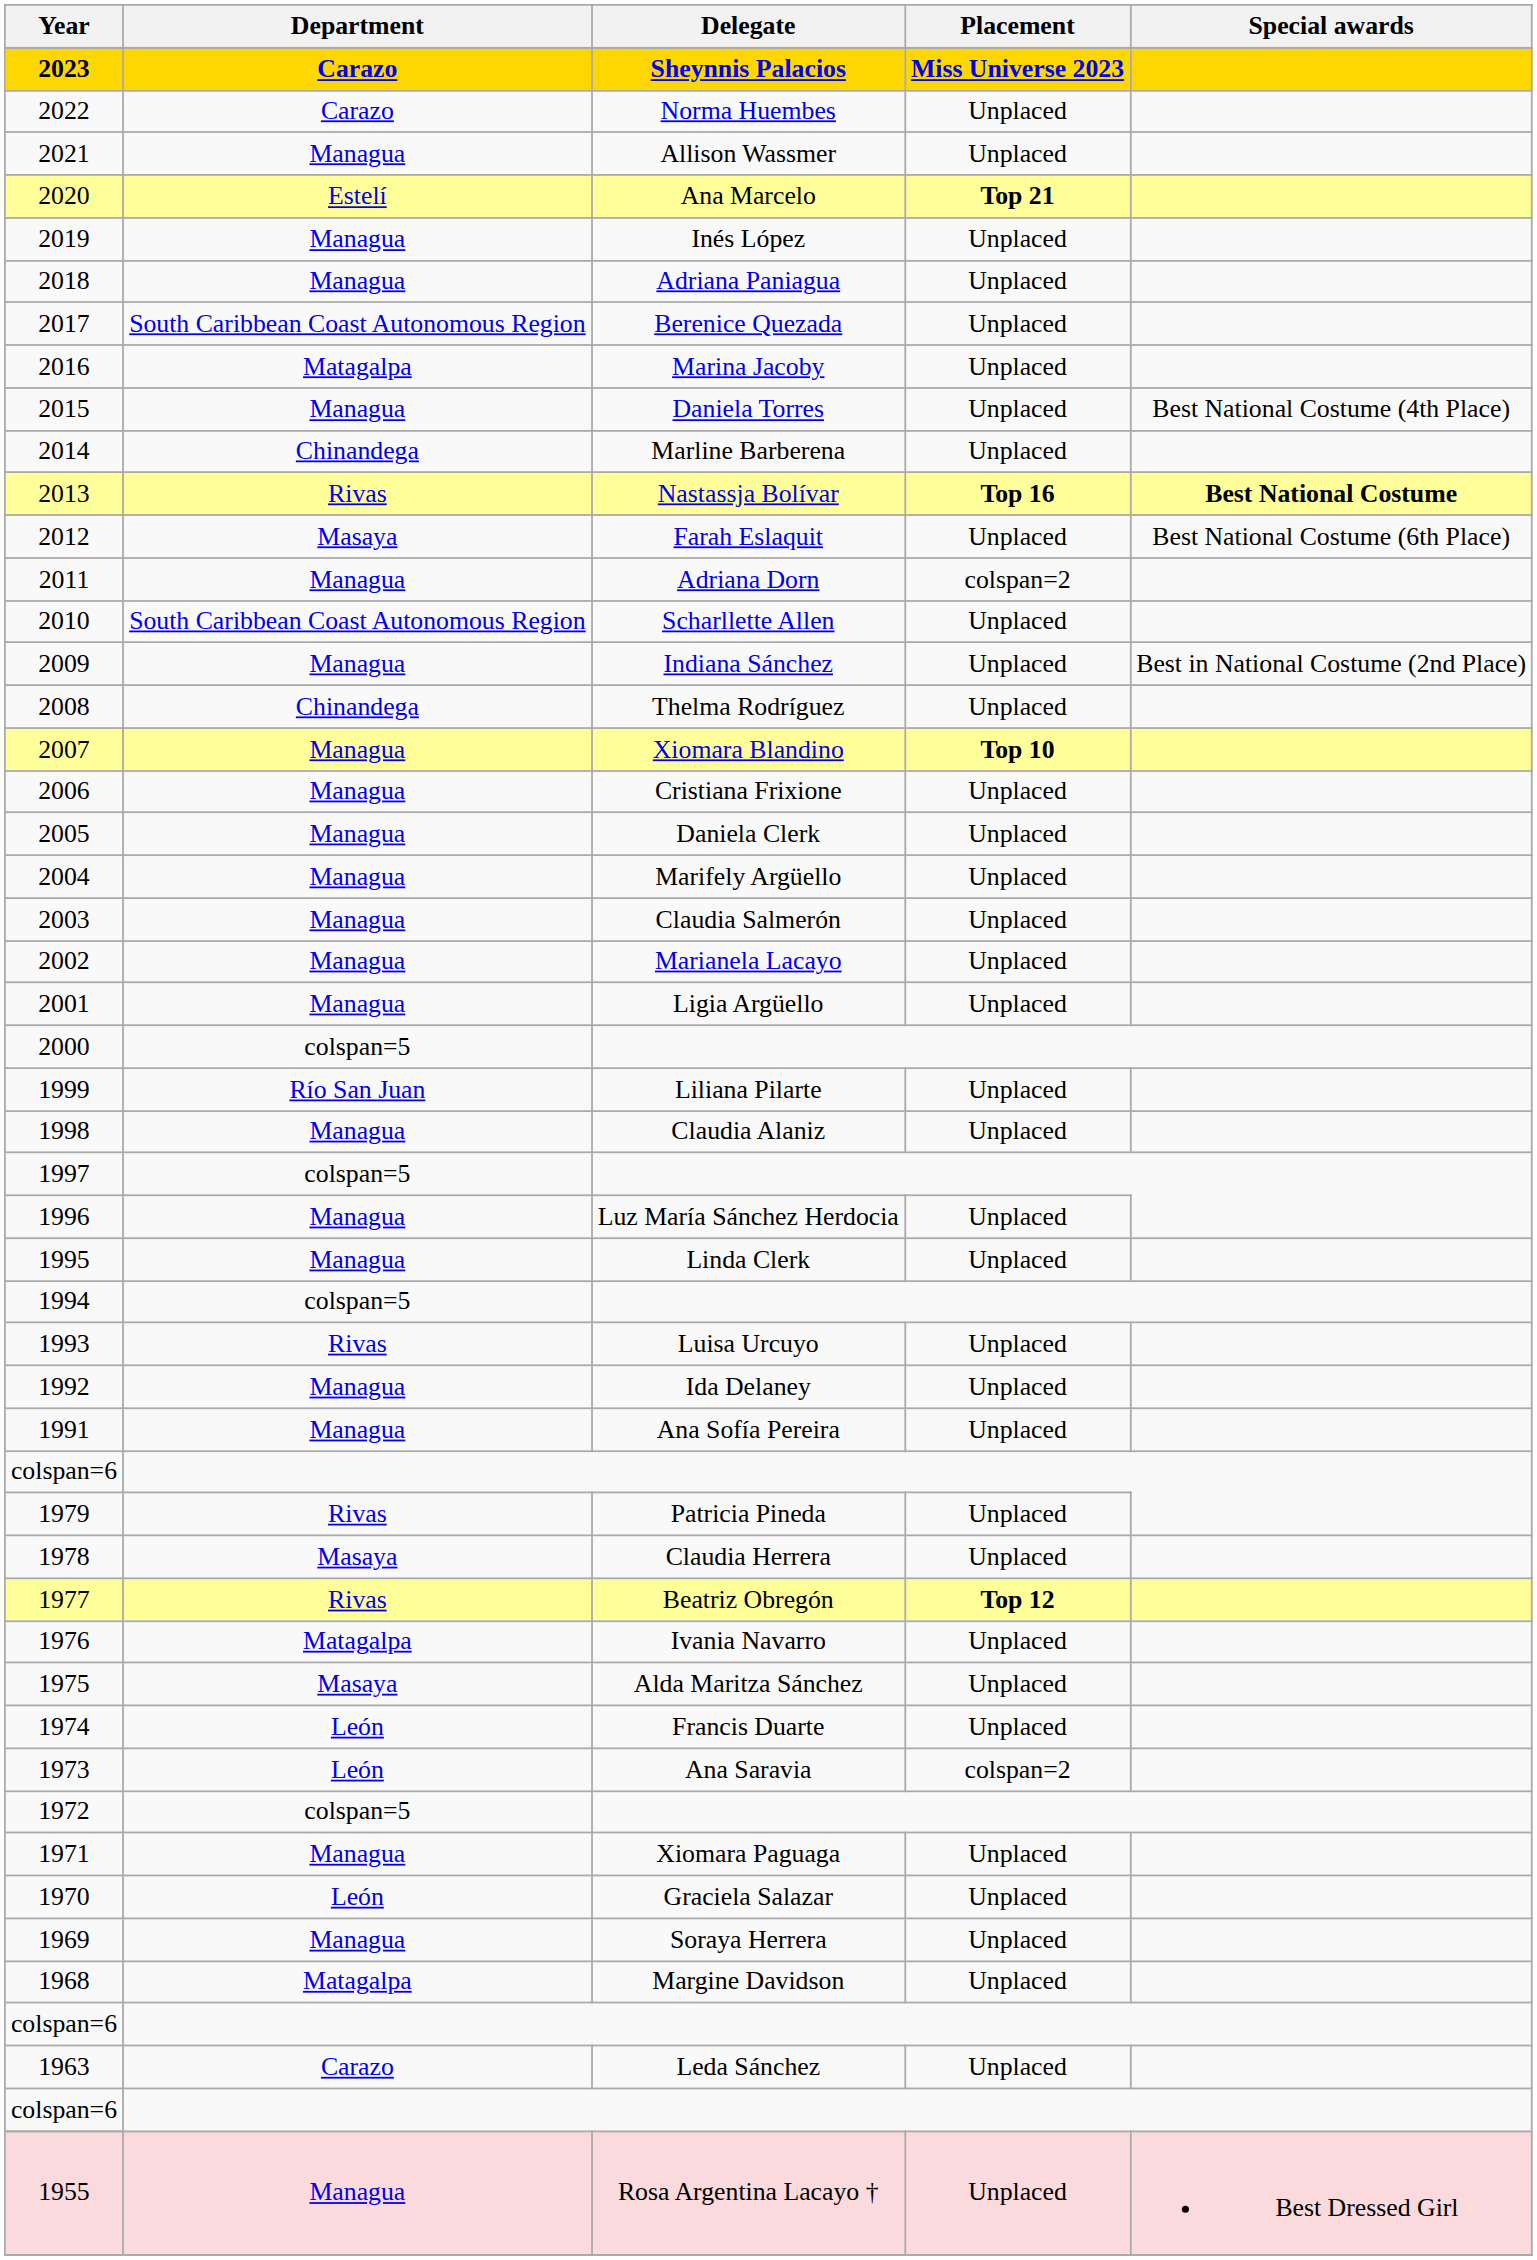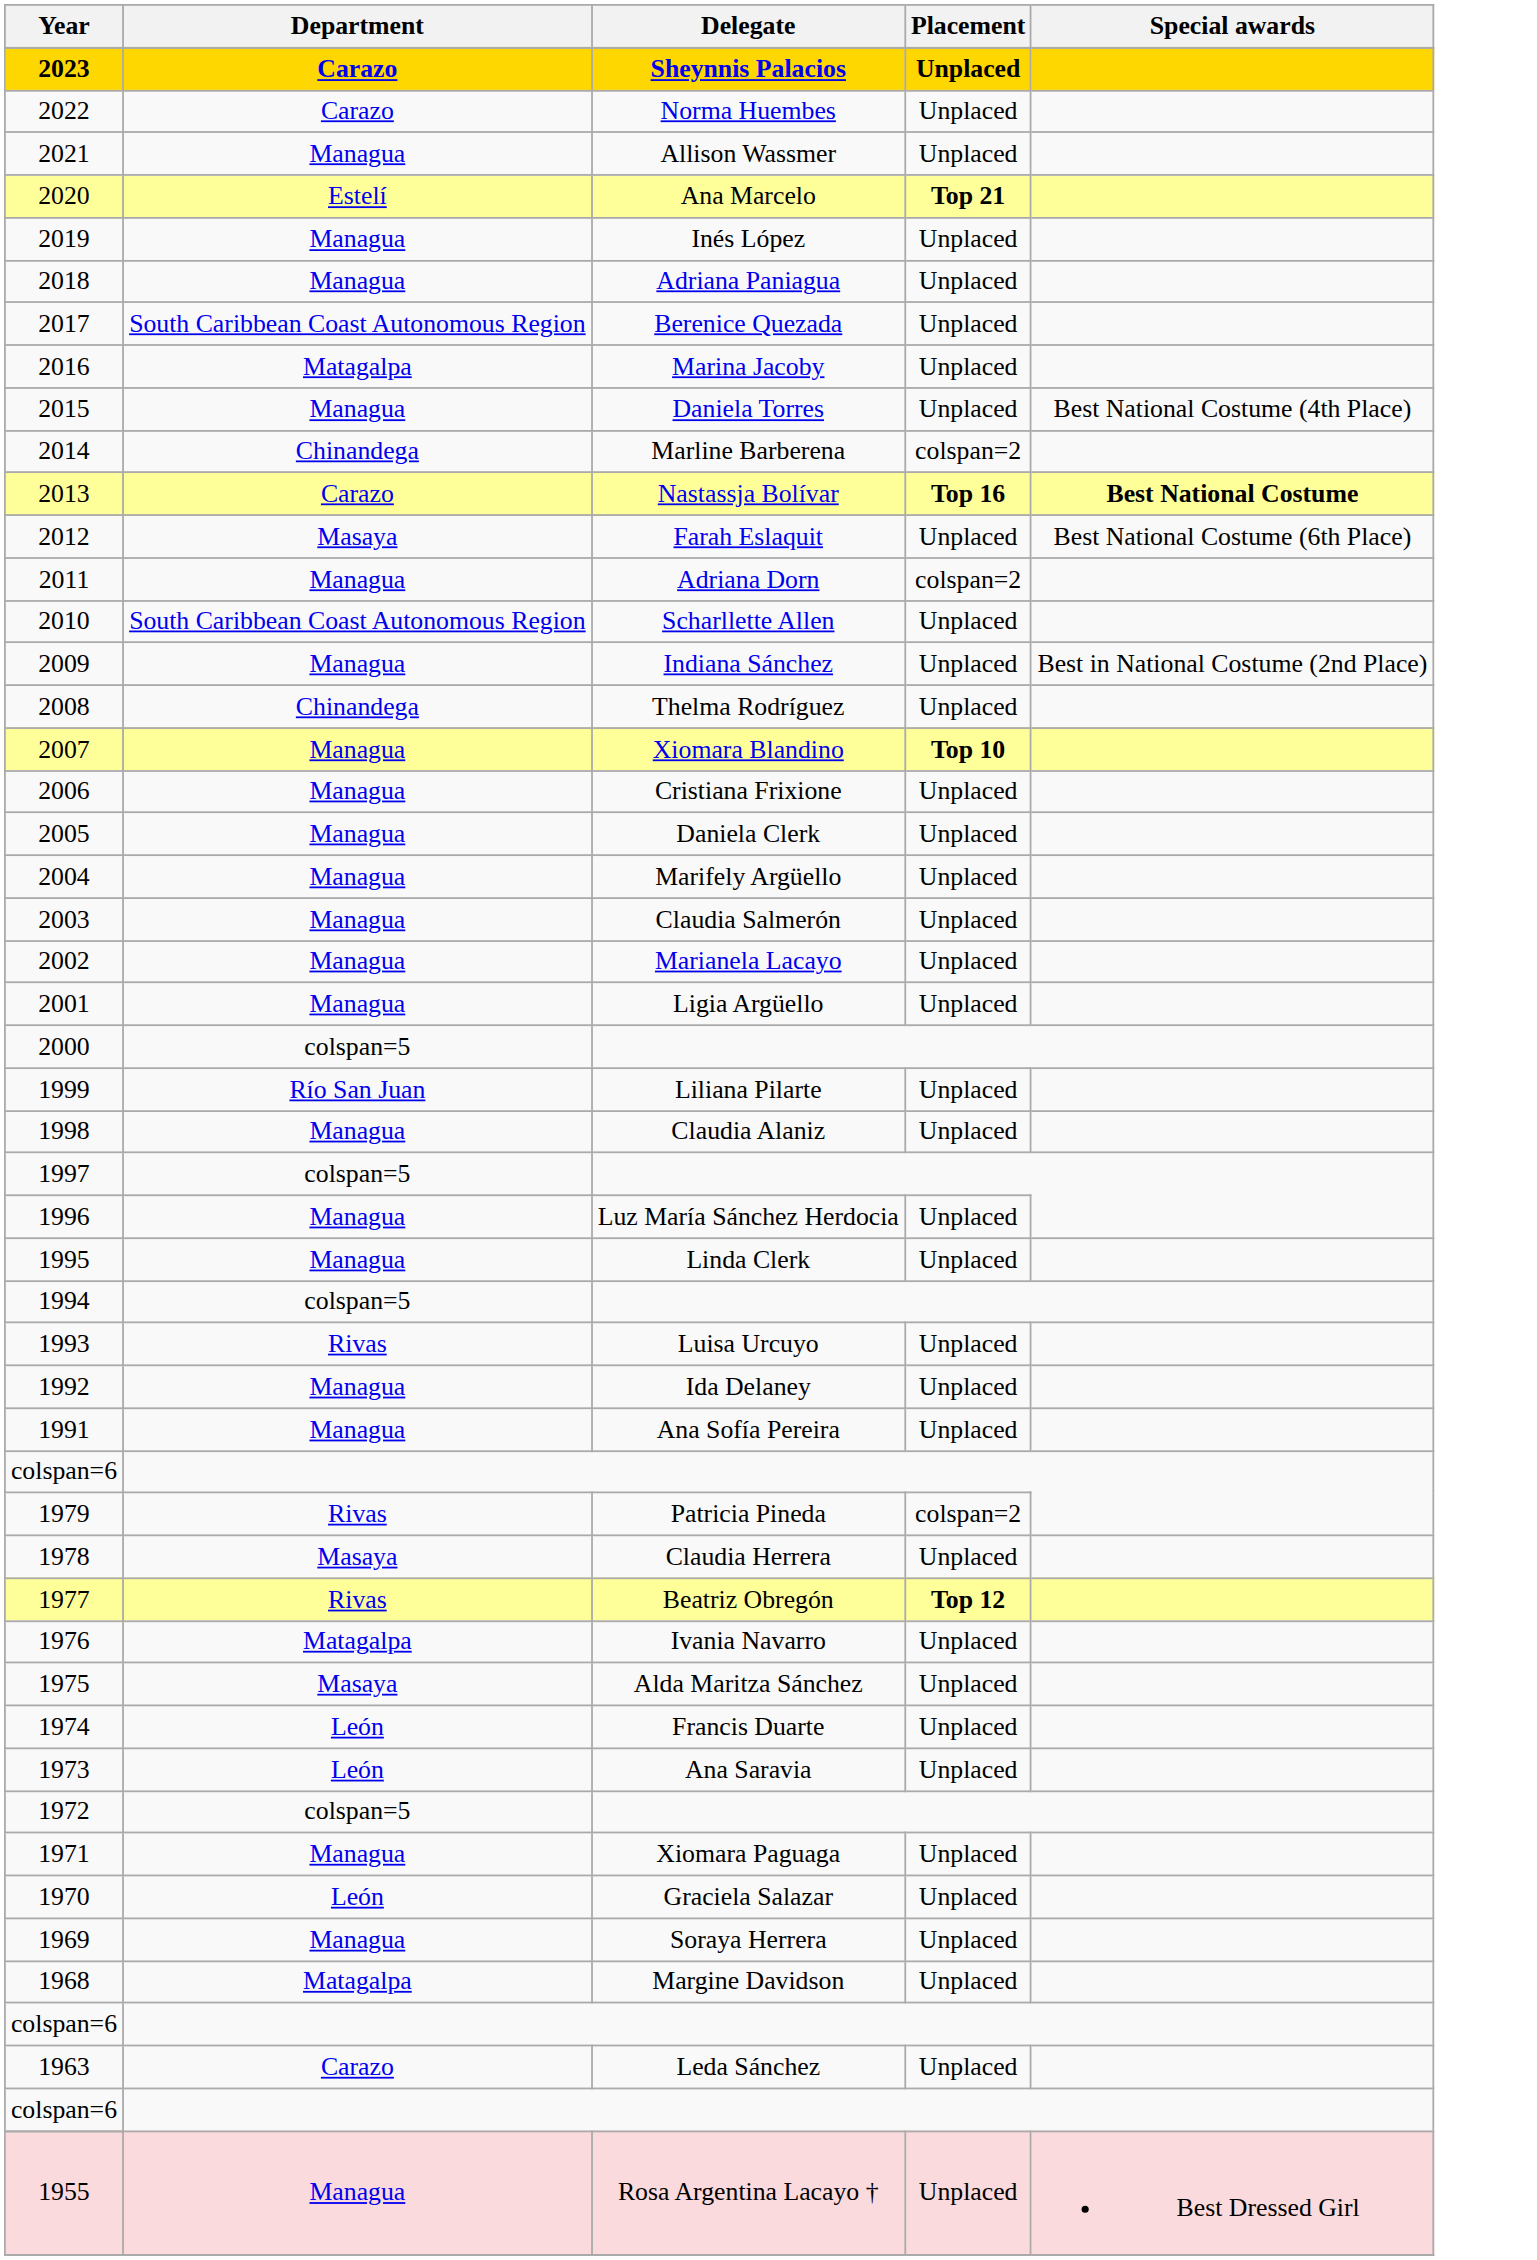 <table class="wikitable " style="font-size: 90%; text-align:center;">
 <tr>
 <th>Year</th>
 <th>Department</th>
 <th>Delegate</th>
 <th>Placement</th>
 <th>Special awards</th>
 </tr>
 <tr>
 </tr>
 <tr style="background-color:GOLD; font-weight: bold">
 <td>2023</td>
 <td><a href='#'>Carazo</a></td>
 <td><a href='#'>Sheynnis Palacios</a></td>
-<td><a href='#'>Miss Universe 2023</a></td>
+<td>Unplaced</td>
 <td></td>
 </tr>
 <tr>
 <td>2022</td>
 <td><a href='#'>Carazo</a></td>
 <td><a href='#'>Norma Huembes</a></td>
 <td>Unplaced</td>
 <td></td>
 </tr>
 <tr>
 <td>2021</td>
 <td><a href='#'>Managua</a></td>
 <td>Allison Wassmer</td>
 <td>Unplaced</td>
 <td></td>
 </tr>
 <tr style="background-color:#FFFF99;">
 <td>2020</td>
 <td><a href='#'>Estelí</a></td>
 <td>Ana Marcelo</td>
 <td><strong>Top 21</strong></td>
 <td></td>
 </tr>
 <tr>
 <td>2019</td>
 <td><a href='#'>Managua</a></td>
 <td>Inés López</td>
 <td>Unplaced</td>
 <td></td>
 </tr>
 <tr>
 <td>2018</td>
 <td><a href='#'>Managua</a></td>
 <td><a href='#'>Adriana Paniagua</a></td>
 <td>Unplaced</td>
 <td></td>
 </tr>
 <tr>
 <td>2017</td>
 <td><a href='#'>South Caribbean Coast Autonomous Region</a></td>
 <td><a href='#'>Berenice Quezada</a></td>
 <td>Unplaced</td>
 <td></td>
 </tr>
 <tr>
 <td>2016</td>
 <td><a href='#'>Matagalpa</a></td>
 <td><a href='#'>Marina Jacoby</a></td>
 <td>Unplaced</td>
 <td></td>
 </tr>
 <tr>
 <td>2015</td>
 <td><a href='#'>Managua</a></td>
 <td><a href='#'>Daniela Torres</a></td>
 <td>Unplaced</td>
 <td>Best National Costume (4th Place)</td>
 </tr>
 <tr>
 <td>2014</td>
 <td><a href='#'>Chinandega</a></td>
 <td>Marline Barberena</td>
-<td>Unplaced</td>
+<td>colspan=2 </td>
 <td></td>
 </tr>
 <tr style="background-color:#FFFF99;">
 <td>2013</td>
-<td><a href='#'>Rivas</a></td>
+<td><a href='#'>Carazo</a></td>
 <td><a href='#'>Nastassja Bolívar</a></td>
 <td><strong>Top 16</strong></td>
 <td><strong>Best National Costume</strong></td>
 </tr>
 <tr>
 <td>2012</td>
 <td><a href='#'>Masaya</a></td>
 <td><a href='#'>Farah Eslaquit</a></td>
 <td>Unplaced</td>
 <td>Best National Costume (6th Place)</td>
 </tr>
 <tr>
 <td>2011</td>
 <td><a href='#'>Managua</a></td>
 <td><a href='#'>Adriana Dorn</a></td>
 <td>colspan=2 </td>
 <td></td>
 </tr>
 <tr>
 <td>2010</td>
 <td><a href='#'>South Caribbean Coast Autonomous Region</a></td>
 <td><a href='#'>Scharllette Allen</a></td>
 <td>Unplaced</td>
 <td></td>
 </tr>
 <tr>
 <td>2009</td>
 <td><a href='#'>Managua</a></td>
 <td><a href='#'>Indiana Sánchez</a></td>
 <td>Unplaced</td>
 <td>Best in National Costume (2nd Place)</td>
 </tr>
 <tr>
 <td>2008</td>
 <td><a href='#'>Chinandega</a></td>
 <td>Thelma Rodríguez</td>
 <td>Unplaced</td>
 <td></td>
 </tr>
 <tr style="background-color:#FFFF99;">
 <td>2007</td>
 <td><a href='#'>Managua</a></td>
 <td><a href='#'>Xiomara Blandino</a></td>
 <td><strong>Top 10</strong></td>
 <td></td>
 </tr>
 <tr>
 <td>2006</td>
 <td><a href='#'>Managua</a></td>
 <td>Cristiana Frixione</td>
 <td>Unplaced</td>
 <td></td>
 </tr>
 <tr>
 <td>2005</td>
 <td><a href='#'>Managua</a></td>
 <td>Daniela Clerk</td>
 <td>Unplaced</td>
 <td></td>
 </tr>
 <tr>
 <td>2004</td>
 <td><a href='#'>Managua</a></td>
 <td>Marifely Argüello</td>
 <td>Unplaced</td>
 <td></td>
 </tr>
 <tr>
 <td>2003</td>
 <td><a href='#'>Managua</a></td>
 <td>Claudia Salmerón</td>
 <td>Unplaced</td>
 <td></td>
 </tr>
 <tr>
 <td>2002</td>
 <td><a href='#'>Managua</a></td>
 <td><a href='#'>Marianela Lacayo</a></td>
 <td>Unplaced</td>
 <td></td>
 </tr>
 <tr>
 <td>2001</td>
 <td><a href='#'>Managua</a></td>
 <td>Ligia Argüello</td>
 <td>Unplaced</td>
 <td></td>
 </tr>
 <tr>
 <td>2000</td>
 <td>colspan=5 </td>
 </tr>
 <tr>
 <td>1999</td>
 <td><a href='#'>Río San Juan</a></td>
 <td>Liliana Pilarte</td>
 <td>Unplaced</td>
 <td></td>
 </tr>
 <tr>
 <td>1998</td>
 <td><a href='#'>Managua</a></td>
 <td>Claudia Alaniz</td>
 <td>Unplaced</td>
 <td></td>
 </tr>
 <tr>
 <td>1997</td>
 <td>colspan=5 </td>
 </tr>
 <tr>
 <td>1996</td>
 <td><a href='#'>Managua</a></td>
 <td>Luz María Sánchez Herdocia</td>
 <td>Unplaced</td>
 </tr>
 <tr>
 <td>1995</td>
 <td><a href='#'>Managua</a></td>
 <td>Linda Clerk</td>
 <td>Unplaced</td>
 <td></td>
 </tr>
 <tr>
 <td>1994</td>
 <td>colspan=5 </td>
 </tr>
 <tr>
 <td>1993</td>
 <td><a href='#'>Rivas</a></td>
 <td>Luisa Urcuyo</td>
 <td>Unplaced</td>
 <td></td>
 </tr>
 <tr>
 <td>1992</td>
 <td><a href='#'>Managua</a></td>
 <td>Ida Delaney</td>
 <td>Unplaced</td>
 <td></td>
 </tr>
 <tr>
 <td>1991</td>
 <td><a href='#'>Managua</a></td>
 <td>Ana Sofía Pereira</td>
 <td>Unplaced</td>
 <td></td>
 </tr>
 <tr>
 <td>colspan=6 </td>
 </tr>
 <tr>
 <td>1979</td>
 <td><a href='#'>Rivas</a></td>
 <td>Patricia Pineda</td>
-<td>Unplaced</td>
+<td>colspan=2 </td>
 </tr>
 <tr>
 <td>1978</td>
 <td><a href='#'>Masaya</a></td>
 <td>Claudia Herrera</td>
 <td>Unplaced</td>
 <td></td>
 </tr>
 <tr style="background-color:#FFFF99;">
 <td>1977</td>
 <td><a href='#'>Rivas</a></td>
 <td>Beatriz Obregón</td>
 <td><strong>Top 12</strong></td>
 <td></td>
 </tr>
 <tr>
 <td>1976</td>
 <td><a href='#'>Matagalpa</a></td>
 <td>Ivania Navarro</td>
 <td>Unplaced</td>
 <td></td>
 </tr>
 <tr>
 <td>1975</td>
 <td><a href='#'>Masaya</a></td>
 <td>Alda Maritza Sánchez</td>
 <td>Unplaced</td>
 <td></td>
 </tr>
 <tr>
 <td>1974</td>
 <td><a href='#'>León</a></td>
 <td>Francis Duarte</td>
 <td>Unplaced</td>
 <td></td>
 </tr>
 <tr>
 <td>1973</td>
 <td><a href='#'>León</a></td>
 <td>Ana Saravia</td>
-<td>colspan=2 </td>
+<td>Unplaced</td>
 <td></td>
 </tr>
 <tr>
 <td>1972</td>
 <td>colspan=5 </td>
 </tr>
 <tr>
 <td>1971</td>
 <td><a href='#'>Managua</a></td>
 <td>Xiomara Paguaga</td>
 <td>Unplaced</td>
 <td></td>
 </tr>
 <tr>
 <td>1970</td>
 <td><a href='#'>León</a></td>
 <td>Graciela Salazar</td>
 <td>Unplaced</td>
 <td></td>
 </tr>
 <tr>
 <td>1969</td>
 <td><a href='#'>Managua</a></td>
 <td>Soraya Herrera</td>
 <td>Unplaced</td>
 <td></td>
 </tr>
 <tr>
 <td>1968</td>
 <td><a href='#'>Matagalpa</a></td>
 <td>Margine Davidson</td>
 <td>Unplaced</td>
 <td></td>
 </tr>
 <tr>
 <td>colspan=6 </td>
 </tr>
 <tr>
 <td>1963</td>
 <td><a href='#'>Carazo</a></td>
 <td>Leda Sánchez</td>
 <td>Unplaced</td>
 <td></td>
 </tr>
 <tr>
 <td>colspan=6 </td>
 </tr>
 <tr>
 </tr>
 <tr style="background-color:#FADADD;">
 <td>1955</td>
 <td><a href='#'>Managua</a></td>
 <td>Rosa Argentina Lacayo †</td>
 <td>Unplaced</td>
 <td><br><ul><li>Best Dressed Girl</li></ul></td>
 </tr>
 <tr>
 </tr>
 </table>
